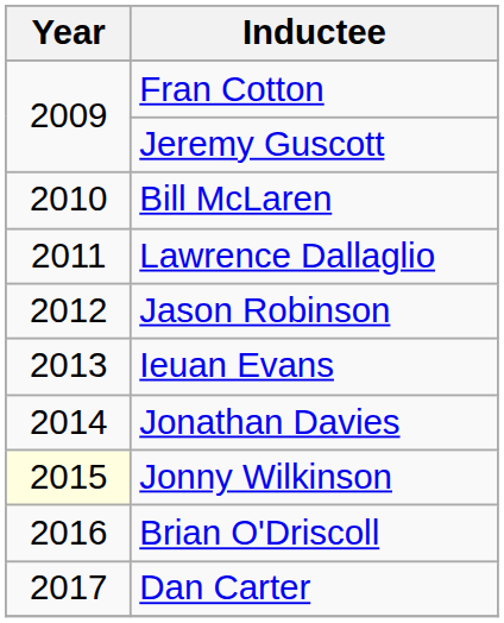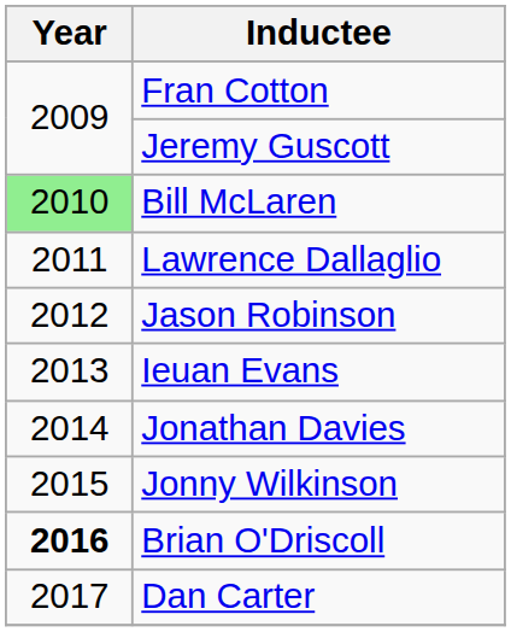 <table class="wikitable">
 <tr>
 <th width=50>Year</th>
 <th width=160>Inductee</th>
 </tr>
 <tr>
 <td align=center rowspan=2>2009</td>
 <td> <a href='#'>Fran Cotton</a></td>
 </tr>
 <tr>
 <td> <a href='#'>Jeremy Guscott</a></td>
 </tr>
 <tr>
-<td align=center>2010</td>
+<td align=center style="background: lightgreen;">2010</td>
 <td> <a href='#'>Bill McLaren</a></td>
 </tr>
 <tr>
 <td align=center>2011</td>
 <td> <a href='#'>Lawrence Dallaglio</a></td>
 </tr>
 <tr>
 <td align=center>2012</td>
 <td> <a href='#'>Jason Robinson</a></td>
 </tr>
 <tr>
 <td align=center>2013</td>
 <td> <a href='#'>Ieuan Evans</a></td>
 </tr>
 <tr>
 <td align=center>2014</td>
 <td> <a href='#'>Jonathan Davies</a></td>
 </tr>
 <tr>
-<td align=center style="background: lightyellow;">2015</td>
+<td align=center>2015</td>
 <td> <a href='#'>Jonny Wilkinson</a></td>
 </tr>
 <tr>
-<td align=center>2016</td>
+<td align=center><strong>2016</strong></td>
 <td> <a href='#'>Brian O'Driscoll</a></td>
 </tr>
 <tr>
 <td align=center>2017</td>
 <td> <a href='#'>Dan Carter</a></td>
 </tr>
 <tr>
 </tr>
 </table>
